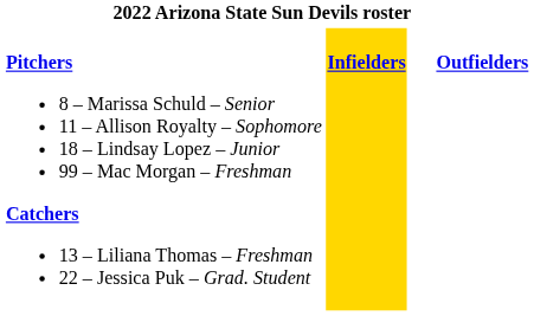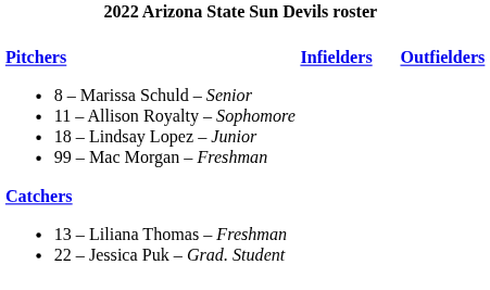 <table class="toccolours" style="border-collapse; font-size:90%;">
 <tr>
 <th colspan=9>2022 Arizona State Sun Devils roster</th>
 </tr>
 <tr>
 <td width="03"> </td>
 <td valign="top"><br><strong><a href='#'>Pitchers</a></strong><ul><li>8 – Marissa Schuld – <em>Senior</em></li><li>11 – Allison Royalty – <em>Sophomore</em></li><li>18 – Lindsay Lopez – <em>Junior</em></li><li>99 – Mac Morgan – <em>Freshman</em></li></ul><strong><a href='#'>Catchers</a></strong><ul><li>13 – Liliana Thomas – <em>Freshman</em></li><li>22 – Jessica Puk – <em>Grad. Student</em></li></ul></td>
-<td valign="top" style="background: gold;"><br><strong><a href='#'>Infielders</a></strong></td>
+<td valign="top"><br><strong><a href='#'>Infielders</a></strong></td>
 <td width="15"> </td>
 <td valign="top"><br><strong><a href='#'>Outfielders</a></strong></td>
 </tr>
 </table>
